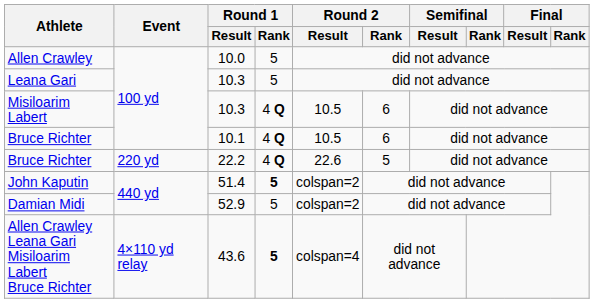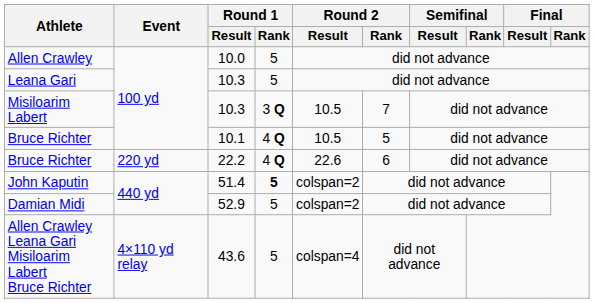 <table class=wikitable style=font-size:90%>
 <tr>
 <th rowspan=2>Athlete</th>
 <th rowspan=2>Event</th>
 <th colspan=2>Round 1</th>
 <th colspan=2>Round 2</th>
 <th colspan=2>Semifinal</th>
 <th colspan=2>Final</th>
 </tr>
 <tr style=font-size:95%>
 <th>Result</th>
 <th>Rank</th>
 <th>Result</th>
 <th>Rank</th>
 <th>Result</th>
 <th>Rank</th>
 <th>Result</th>
 <th>Rank</th>
 </tr>
 <tr align=center>
 <td align=left><a href='#'>Allen Crawley</a></td>
 <td align=left rowspan=4><a href='#'>100 yd</a></td>
 <td>10.0</td>
 <td>5</td>
 <td colspan=6>did not advance</td>
 </tr>
 <tr align=center>
 <td align=left><a href='#'>Leana Gari</a></td>
 <td>10.3</td>
 <td>5</td>
 <td colspan=6>did not advance</td>
 </tr>
 <tr align=center>
 <td align=left><a href='#'>Misiloarim Labert</a></td>
 <td>10.3</td>
-<td>4 <strong>Q</strong></td>
+<td>3 <strong>Q</strong></td>
 <td>10.5</td>
-<td>6</td>
+<td>7</td>
 <td colspan=4>did not advance</td>
 </tr>
 <tr align=center>
 <td align=left><a href='#'>Bruce Richter</a></td>
 <td>10.1</td>
 <td>4 <strong>Q</strong></td>
 <td>10.5</td>
-<td>6</td>
+<td>5</td>
 <td colspan=4>did not advance</td>
 </tr>
 <tr align=center>
 <td align=left><a href='#'>Bruce Richter</a></td>
 <td align=left><a href='#'>220 yd</a></td>
 <td>22.2</td>
 <td>4 <strong>Q</strong></td>
 <td>22.6</td>
-<td>5</td>
+<td>6</td>
 <td colspan=4>did not advance</td>
 </tr>
 <tr align=center>
 <td align=left><a href='#'>John Kaputin</a></td>
 <td align=left rowspan=2><a href='#'>440 yd</a></td>
 <td>51.4</td>
 <td><strong>5</strong></td>
 <td>colspan=2 </td>
 <td colspan=4>did not advance</td>
 </tr>
 <tr align=center>
 <td align=left><a href='#'>Damian Midi</a></td>
 <td>52.9</td>
 <td>5</td>
 <td>colspan=2 </td>
 <td colspan=4>did not advance</td>
 </tr>
 <tr align=center>
 <td align=left><a href='#'>Allen Crawley</a><br><a href='#'>Leana Gari</a><br><a href='#'>Misiloarim Labert</a><br><a href='#'>Bruce Richter</a></td>
 <td align=left><a href='#'>4×110 yd relay</a></td>
 <td>43.6</td>
-<td><strong>5</strong></td>
+<td>5</td>
 <td>colspan=4 </td>
 <td colspan=2>did not advance</td>
 </tr>
 </table>
